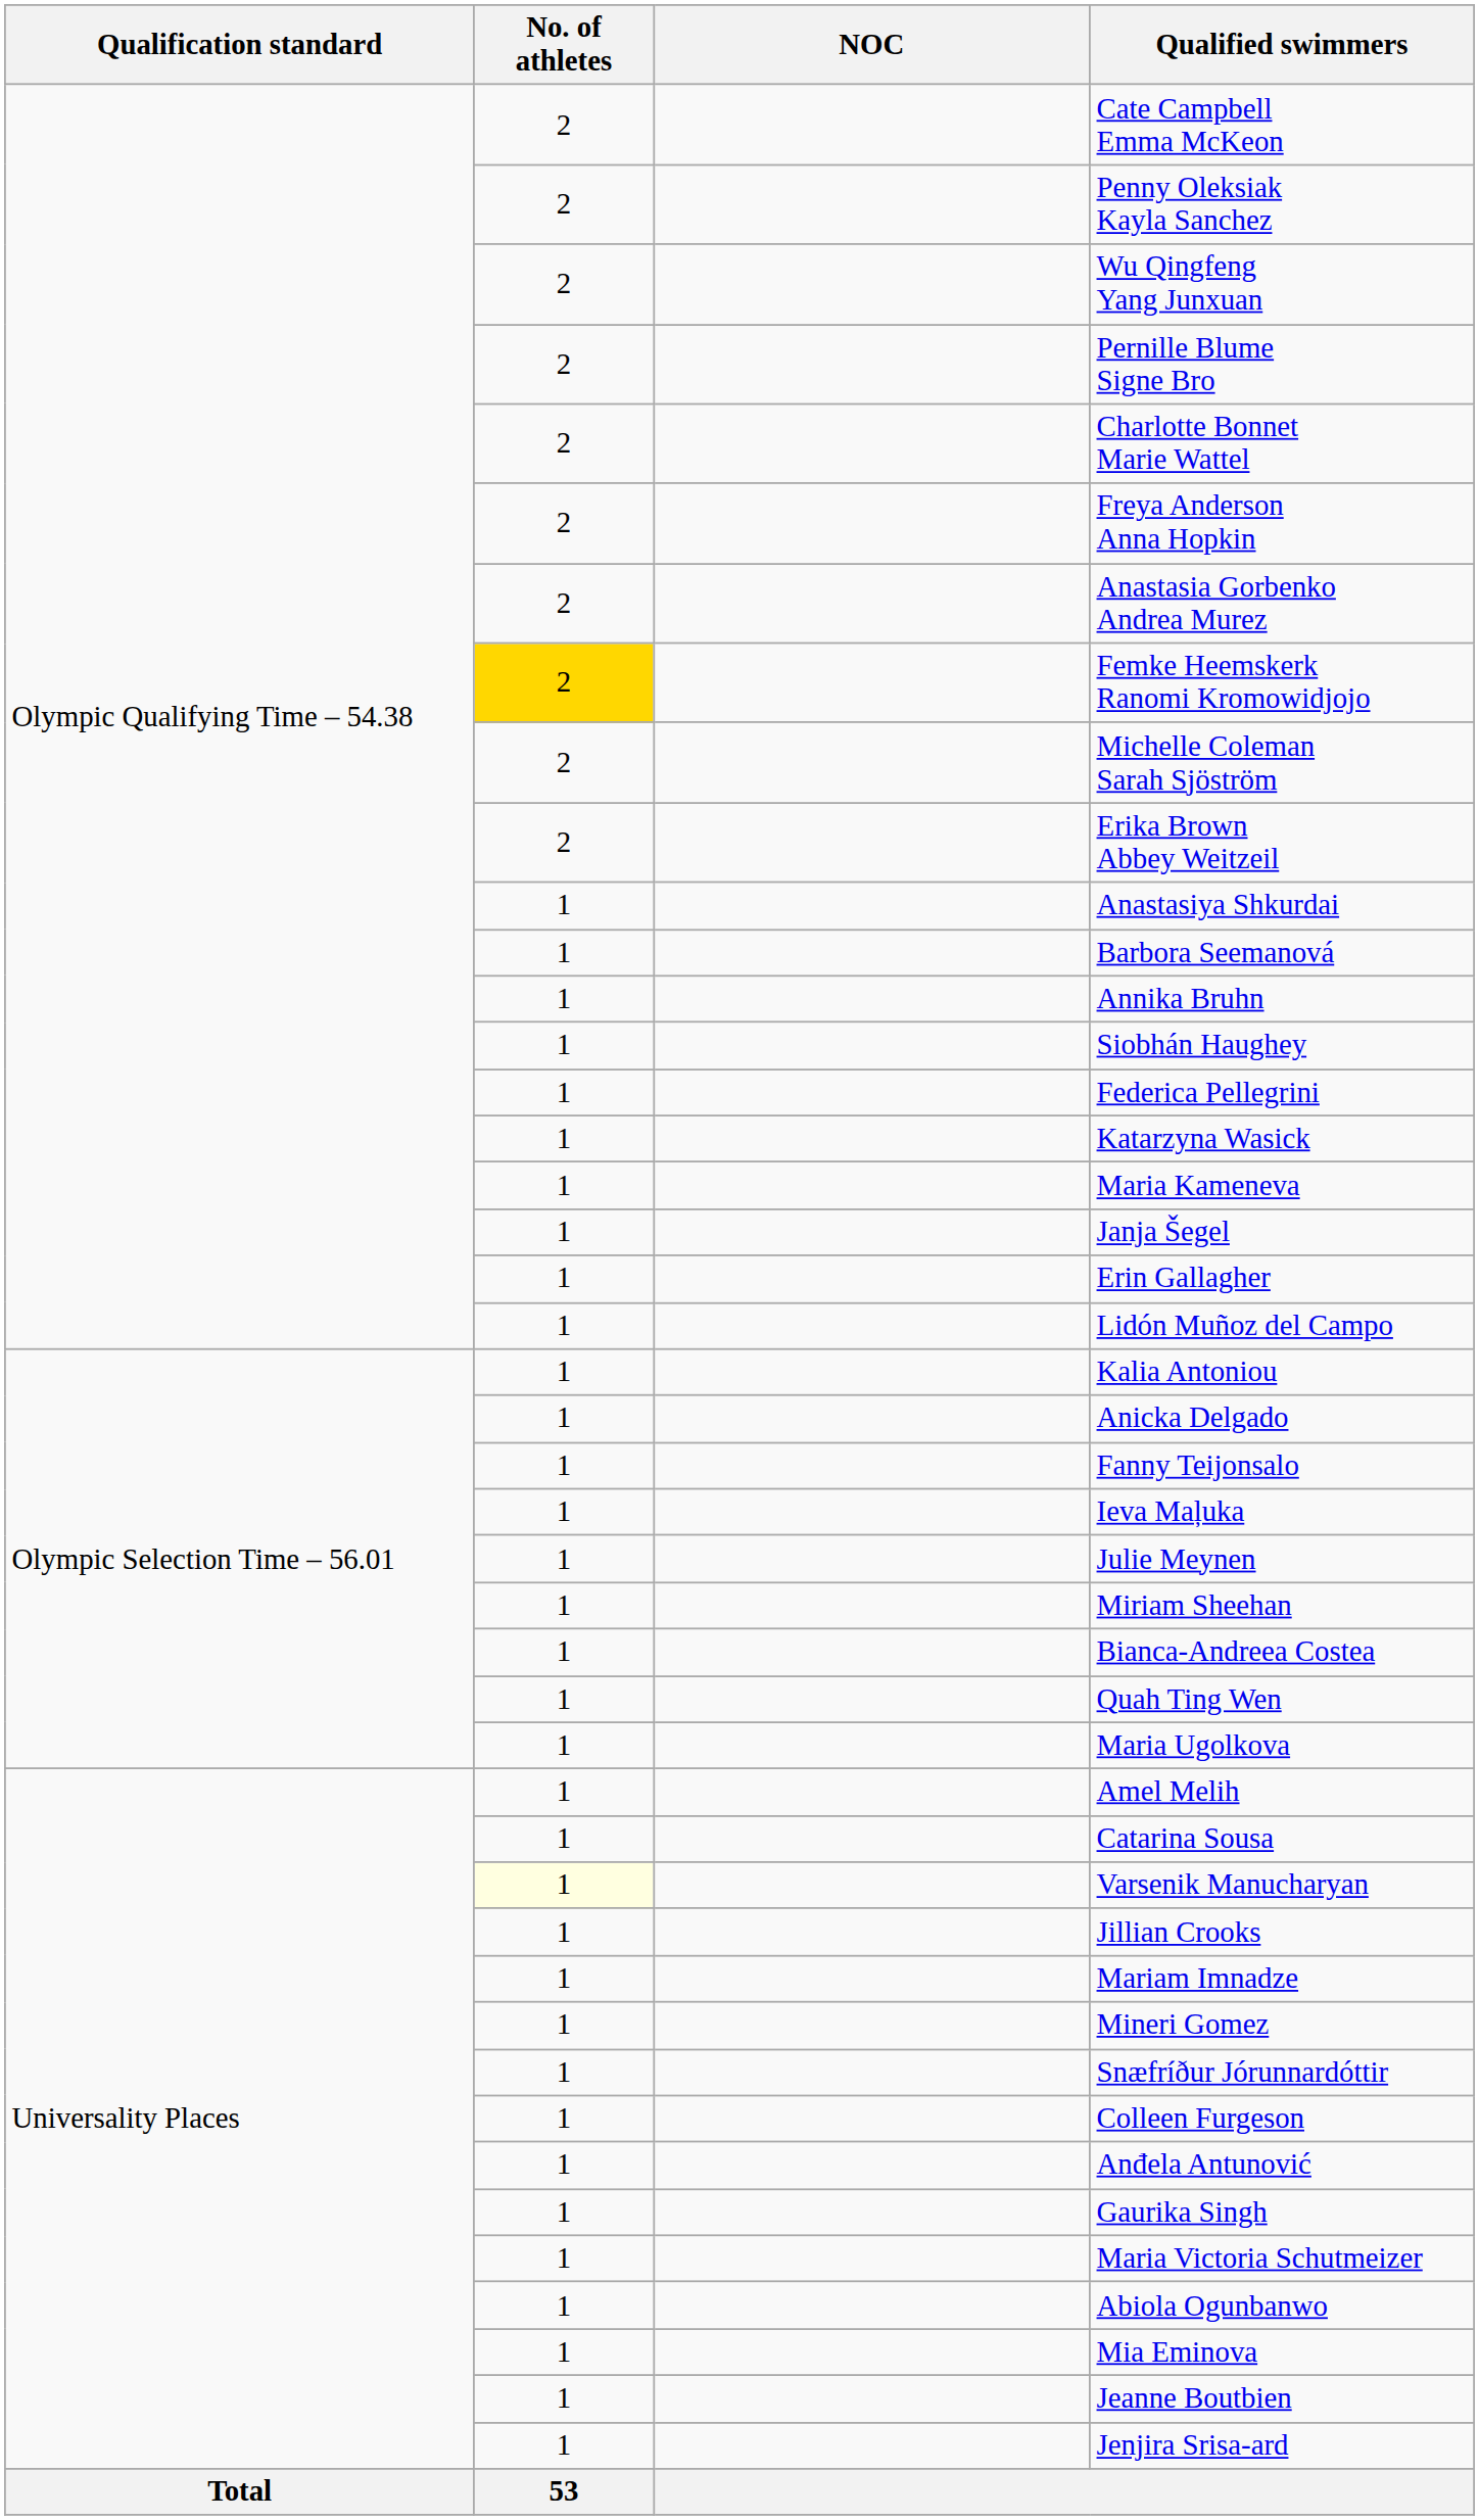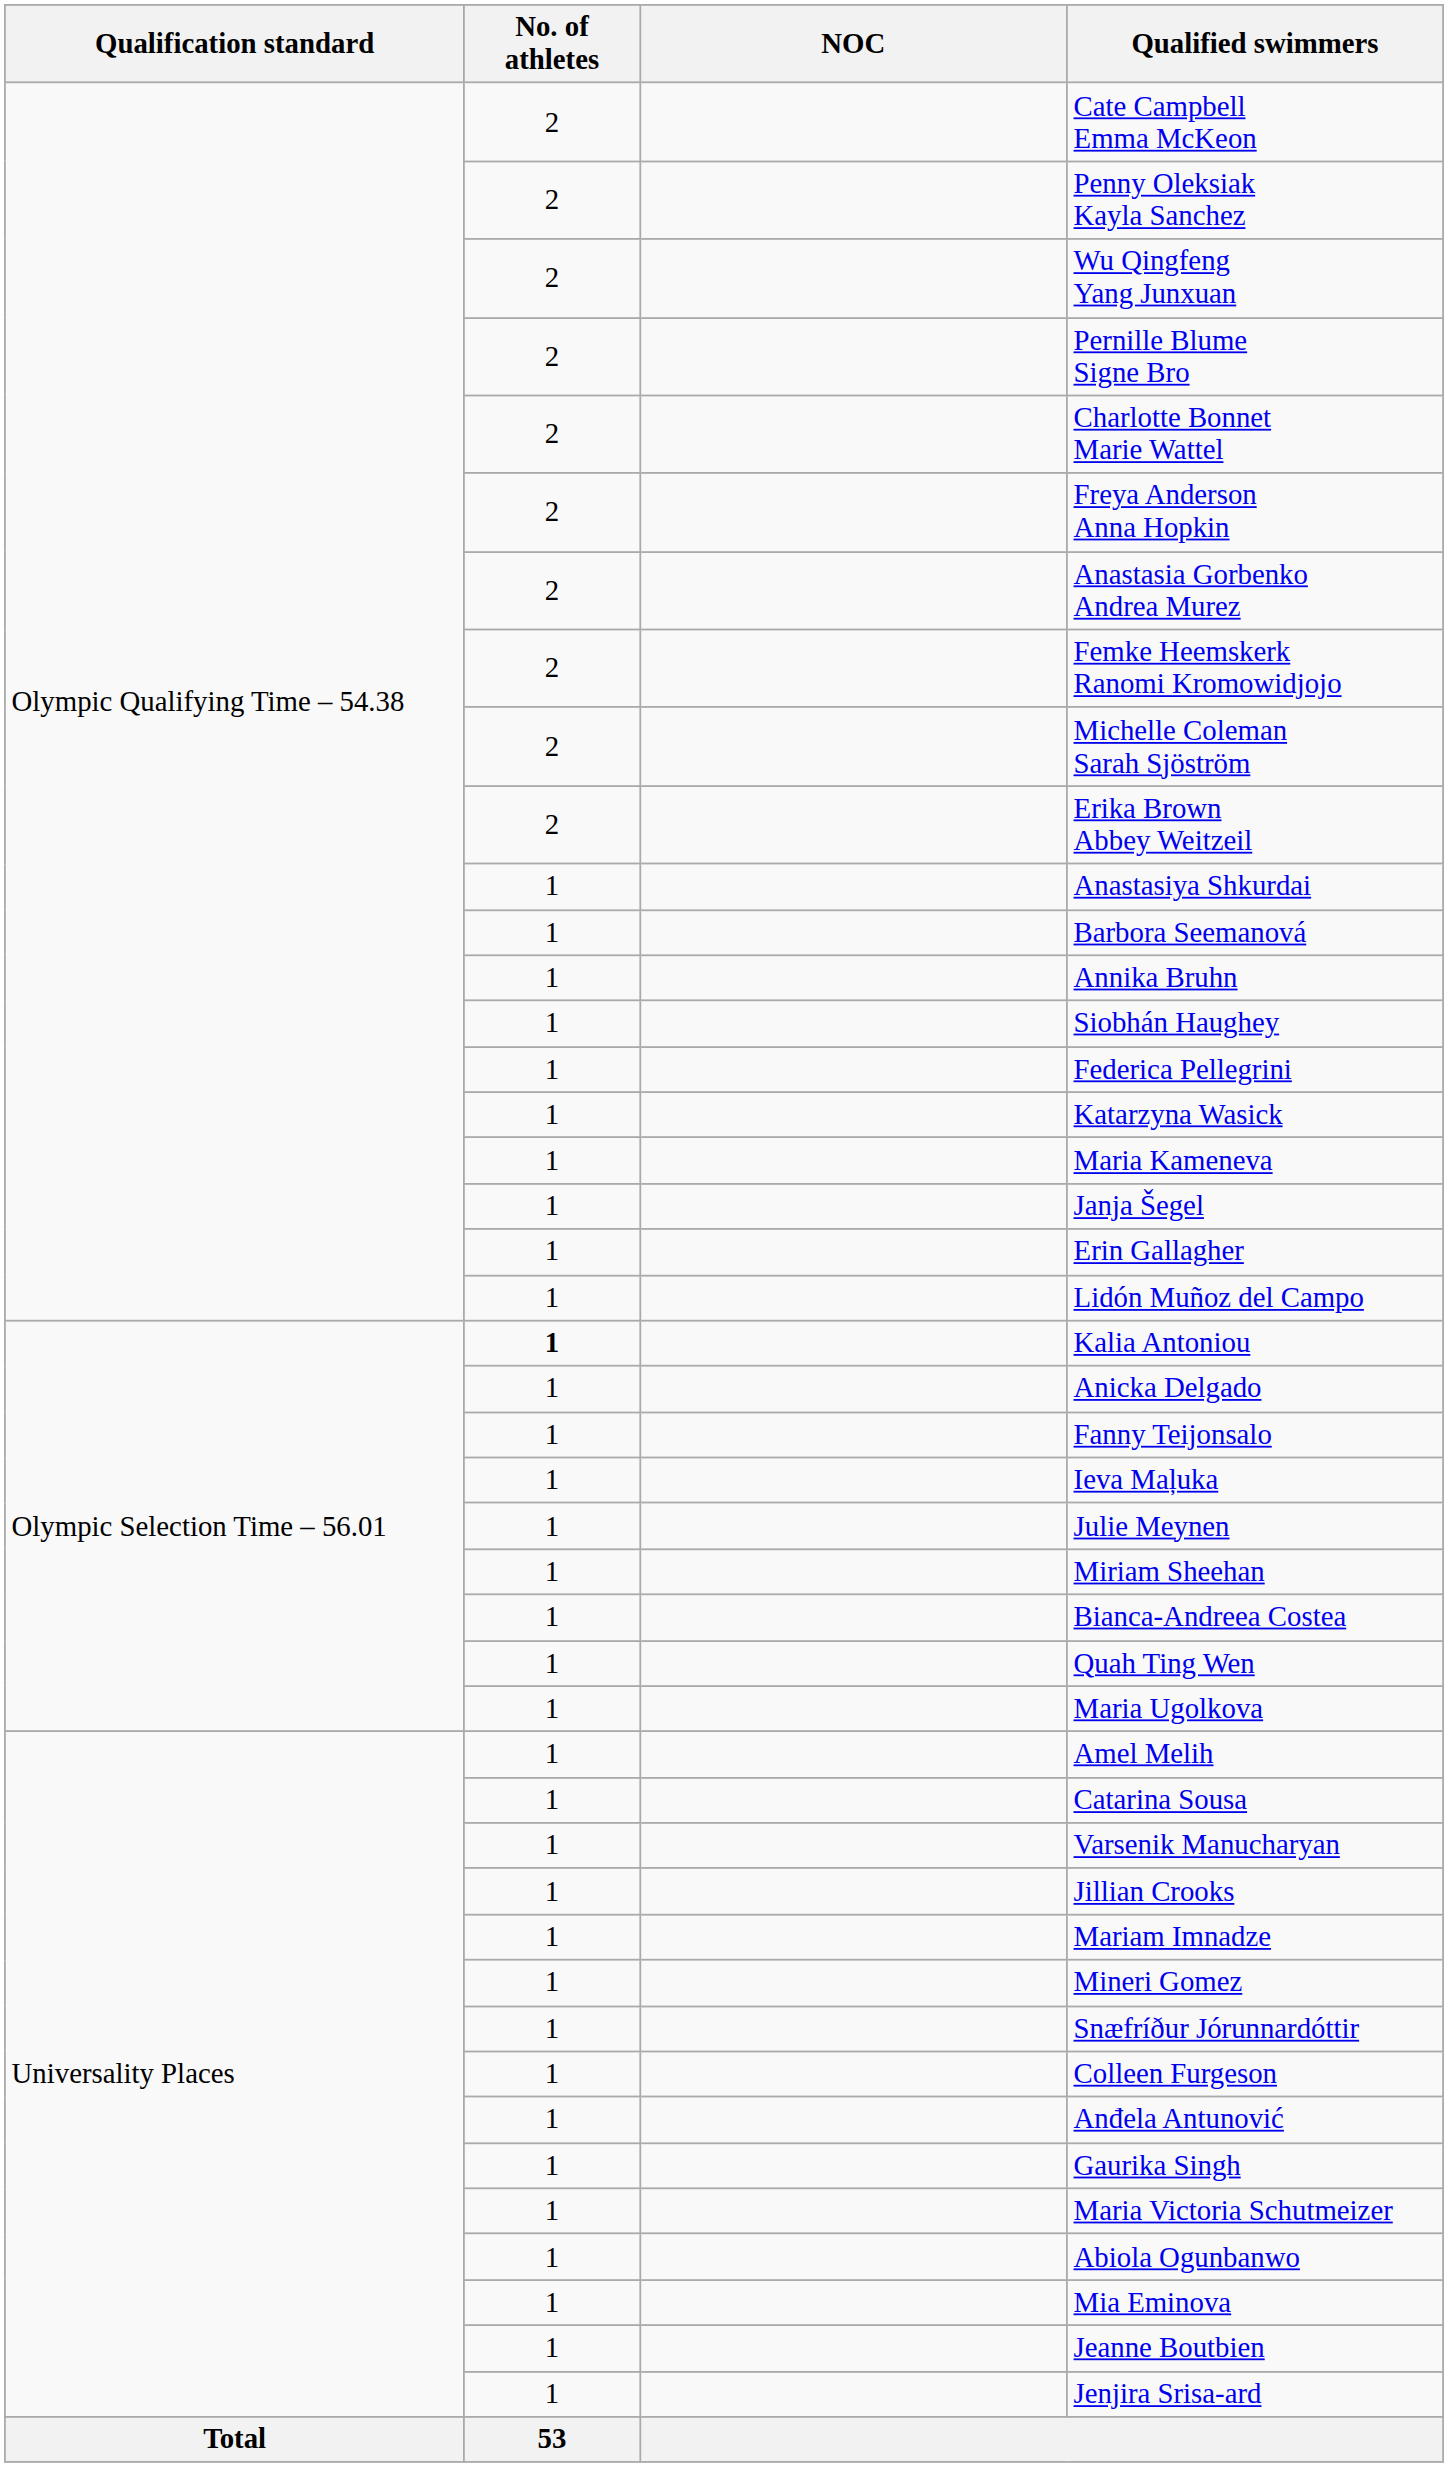 <table class=wikitable style="text-align:left" width=800>
 <tr>
 <th>Qualification standard</th>
 <th width=90>No. of athletes</th>
 <th width=230>NOC</th>
 <th>Qualified swimmers</th>
 </tr>
 <tr>
 <td rowspan=20>Olympic Qualifying Time – 54.38</td>
 <td align=center>2</td>
 <td></td>
 <td><a href='#'>Cate Campbell</a><br><a href='#'>Emma McKeon</a></td>
 </tr>
 <tr>
 <td align=center>2</td>
 <td></td>
 <td><a href='#'>Penny Oleksiak</a><br><a href='#'>Kayla Sanchez</a></td>
 </tr>
 <tr>
 <td align=center>2</td>
 <td></td>
 <td><a href='#'>Wu Qingfeng</a><br><a href='#'>Yang Junxuan</a></td>
 </tr>
 <tr>
 <td align=center>2</td>
 <td></td>
 <td><a href='#'>Pernille Blume</a><br><a href='#'>Signe Bro</a></td>
 </tr>
 <tr>
 <td align=center>2</td>
 <td></td>
 <td><a href='#'>Charlotte Bonnet</a><br><a href='#'>Marie Wattel</a></td>
 </tr>
 <tr>
 <td align=center>2</td>
 <td></td>
 <td><a href='#'>Freya Anderson</a><br><a href='#'>Anna Hopkin</a></td>
 </tr>
 <tr>
 <td align=center>2</td>
 <td></td>
 <td><a href='#'>Anastasia Gorbenko</a><br><a href='#'>Andrea Murez</a></td>
 </tr>
 <tr>
-<td align=center style="background: gold;">2</td>
+<td align=center>2</td>
 <td></td>
 <td><a href='#'>Femke Heemskerk</a><br><a href='#'>Ranomi Kromowidjojo</a></td>
 </tr>
 <tr>
 <td align=center>2</td>
 <td></td>
 <td><a href='#'>Michelle Coleman</a><br><a href='#'>Sarah Sjöström</a></td>
 </tr>
 <tr>
 <td align=center>2</td>
 <td></td>
 <td><a href='#'>Erika Brown</a><br><a href='#'>Abbey Weitzeil</a></td>
 </tr>
 <tr>
 <td align=center>1</td>
 <td></td>
 <td><a href='#'>Anastasiya Shkurdai</a></td>
 </tr>
 <tr>
 <td align=center>1</td>
 <td></td>
 <td><a href='#'>Barbora Seemanová</a></td>
 </tr>
 <tr>
 <td align=center>1</td>
 <td></td>
 <td><a href='#'>Annika Bruhn</a></td>
 </tr>
 <tr>
 <td align=center>1</td>
 <td></td>
 <td><a href='#'>Siobhán Haughey</a></td>
 </tr>
 <tr>
 <td align=center>1</td>
 <td></td>
 <td><a href='#'>Federica Pellegrini</a></td>
 </tr>
 <tr>
 <td align=center>1</td>
 <td></td>
 <td><a href='#'>Katarzyna Wasick</a></td>
 </tr>
 <tr>
 <td align=center>1</td>
 <td></td>
 <td><a href='#'>Maria Kameneva</a></td>
 </tr>
 <tr>
 <td align=center>1</td>
 <td></td>
 <td><a href='#'>Janja Šegel</a></td>
 </tr>
 <tr>
 <td align=center>1</td>
 <td></td>
 <td><a href='#'>Erin Gallagher</a></td>
 </tr>
 <tr>
 <td align=center>1</td>
 <td></td>
 <td><a href='#'>Lidón Muñoz del Campo</a></td>
 </tr>
 <tr>
 <td rowspan=9>Olympic Selection Time – 56.01</td>
-<td align=center>1</td>
+<td align=center><strong>1</strong></td>
 <td></td>
 <td><a href='#'>Kalia Antoniou</a></td>
 </tr>
 <tr>
 <td align=center>1</td>
 <td></td>
 <td><a href='#'>Anicka Delgado</a></td>
 </tr>
 <tr>
 <td align=center>1</td>
 <td></td>
 <td><a href='#'>Fanny Teijonsalo</a></td>
 </tr>
 <tr>
 <td align=center>1</td>
 <td></td>
 <td><a href='#'>Ieva Maļuka</a></td>
 </tr>
 <tr>
 <td align=center>1</td>
 <td></td>
 <td><a href='#'>Julie Meynen</a></td>
 </tr>
 <tr>
 <td align=center>1</td>
 <td></td>
 <td><a href='#'>Miriam Sheehan</a></td>
 </tr>
 <tr>
 <td align=center>1</td>
 <td></td>
 <td><a href='#'>Bianca-Andreea Costea</a></td>
 </tr>
 <tr>
 <td align=center>1</td>
 <td></td>
 <td><a href='#'>Quah Ting Wen</a></td>
 </tr>
 <tr>
 <td align=center>1</td>
 <td></td>
 <td><a href='#'>Maria Ugolkova</a></td>
 </tr>
 <tr>
 <td rowspan=15>Universality Places</td>
 <td align=center>1</td>
 <td></td>
 <td><a href='#'>Amel Melih</a></td>
 </tr>
 <tr>
 <td align=center>1</td>
 <td></td>
 <td><a href='#'>Catarina Sousa</a></td>
 </tr>
 <tr>
-<td align=center style="background: lightyellow;">1</td>
+<td align=center>1</td>
 <td></td>
 <td><a href='#'>Varsenik Manucharyan</a></td>
 </tr>
 <tr>
 <td align=center>1</td>
 <td></td>
 <td><a href='#'>Jillian Crooks</a></td>
 </tr>
 <tr>
 <td align=center>1</td>
 <td></td>
 <td><a href='#'>Mariam Imnadze</a></td>
 </tr>
 <tr>
 <td align=center>1</td>
 <td></td>
 <td><a href='#'>Mineri Gomez</a></td>
 </tr>
 <tr>
 <td align=center>1</td>
 <td></td>
 <td><a href='#'>Snæfríður Jórunnardóttir</a></td>
 </tr>
 <tr>
 <td align=center>1</td>
 <td></td>
 <td><a href='#'>Colleen Furgeson</a></td>
 </tr>
 <tr>
 <td align=center>1</td>
 <td></td>
 <td><a href='#'>Anđela Antunović</a></td>
 </tr>
 <tr>
 <td align=center>1</td>
 <td></td>
 <td><a href='#'>Gaurika Singh</a></td>
 </tr>
 <tr>
 <td align=center>1</td>
 <td></td>
 <td><a href='#'>Maria Victoria Schutmeizer</a></td>
 </tr>
 <tr>
 <td align=center>1</td>
 <td></td>
 <td><a href='#'>Abiola Ogunbanwo</a></td>
 </tr>
 <tr>
 <td align=center>1</td>
 <td></td>
 <td><a href='#'>Mia Eminova</a></td>
 </tr>
 <tr>
 <td align=center>1</td>
 <td></td>
 <td><a href='#'>Jeanne Boutbien</a></td>
 </tr>
 <tr>
 <td align=center>1</td>
 <td></td>
 <td><a href='#'>Jenjira Srisa-ard</a></td>
 </tr>
 <tr>
 <th><strong>Total</strong></th>
 <th>53</th>
 <th colspan=2></th>
 </tr>
 </table>
